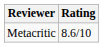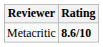 <table class="wikitable">
 <tr>
 <th>Reviewer</th>
 <th>Rating</th>
 </tr>
 <tr>
 <td>Metacritic</td>
-<td>8.6/10</td>
+<td><strong>8.6/10</strong></td>
 </tr>
 </table>
